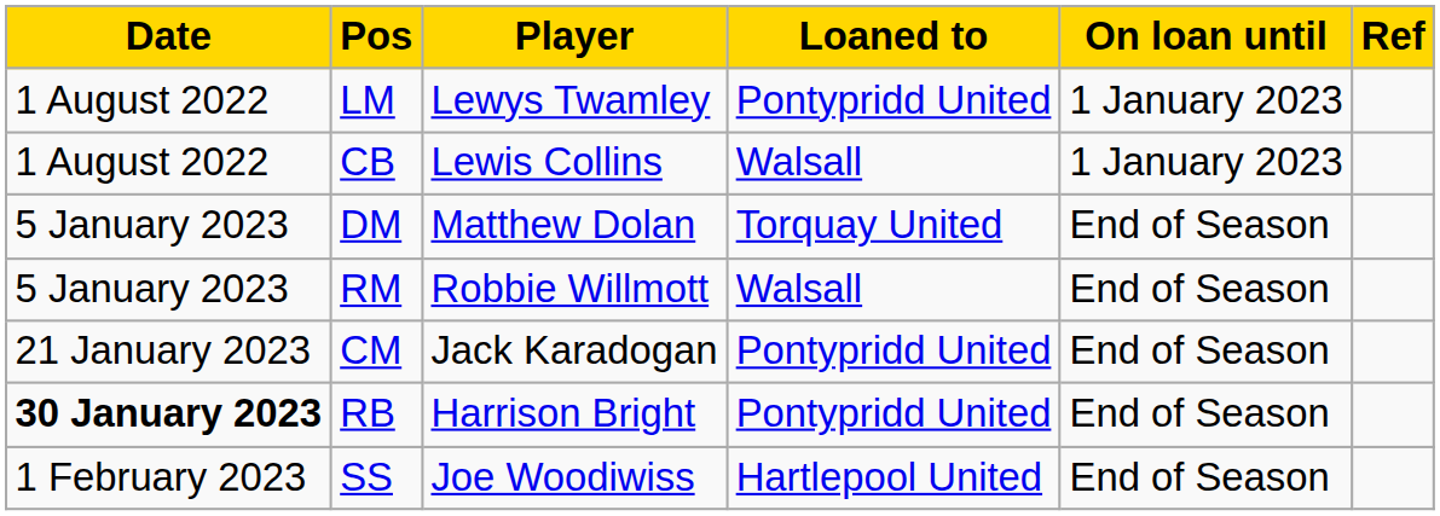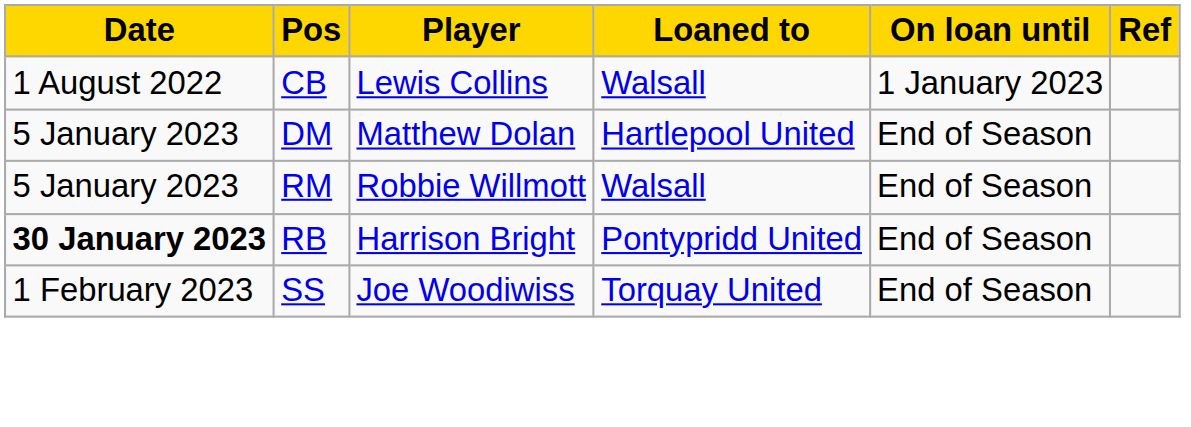 <table class="wikitable plainrowheaders sortable">
 <tr>
 <th style="background:#FFD700; color:#000000; ">Date</th>
 <th style="background:#FFD700; color:#000000; ">Pos</th>
 <th style="background:#FFD700; color:#000000; ">Player</th>
 <th style="background:#FFD700; color:#000000; ">Loaned to</th>
 <th style="background:#FFD700; color:#000000; ">On loan until</th>
 <th style="background:#FFD700; color:#000000; ">Ref</th>
-</tr>
-<tr>
-<td>1 August 2022</td>
-<td><a href='#'>LM</a></td>
-<td> <a href='#'>Lewys Twamley</a></td>
-<td> <a href='#'>Pontypridd United</a></td>
-<td>1 January 2023</td>
-<td></td>
 </tr>
 <tr>
 <td>1 August 2022</td>
 <td><a href='#'>CB</a></td>
 <td> <a href='#'>Lewis Collins</a></td>
 <td> <a href='#'>Walsall</a></td>
 <td>1 January 2023</td>
 <td></td>
 </tr>
 <tr>
 <td>5 January 2023</td>
 <td><a href='#'>DM</a></td>
 <td> <a href='#'>Matthew Dolan</a></td>
-<td> <a href='#'>Torquay United</a></td>
+<td> <a href='#'>Hartlepool United</a></td>
 <td>End of Season</td>
 <td></td>
 </tr>
 <tr>
 <td>5 January 2023</td>
 <td><a href='#'>RM</a></td>
 <td> <a href='#'>Robbie Willmott</a></td>
 <td> <a href='#'>Walsall</a></td>
-<td>End of Season</td>
-<td></td>
-</tr>
-<tr>
-<td>21 January 2023</td>
-<td><a href='#'>CM</a></td>
-<td> Jack Karadogan</td>
-<td> <a href='#'>Pontypridd United</a></td>
 <td>End of Season</td>
 <td></td>
 </tr>
 <tr>
 <td><strong>30 January 2023</strong></td>
 <td><a href='#'>RB</a></td>
 <td> <a href='#'>Harrison Bright</a></td>
 <td> <a href='#'>Pontypridd United</a></td>
 <td>End of Season</td>
 <td></td>
 </tr>
 <tr>
 <td>1 February 2023</td>
 <td><a href='#'>SS</a></td>
 <td> <a href='#'>Joe Woodiwiss</a></td>
-<td> <a href='#'>Hartlepool United</a></td>
+<td> <a href='#'>Torquay United</a></td>
 <td>End of Season</td>
 <td></td>
 </tr>
 </table>
